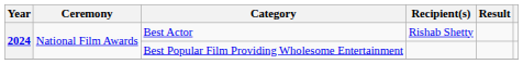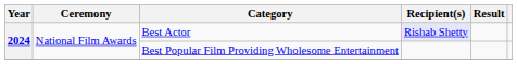 <table class="wikitable">
 <tr>
 <th>Year</th>
 <th>Ceremony</th>
 <th>Category</th>
 <th>Recipient(s)</th>
 <th>Result</th>
 <th></th>
 </tr>
 <tr>
 <th rowspan="2"><a href='#'>2024</a></th>
 <td rowspan="2"><a href='#'>National Film Awards</a></td>
 <td><a href='#'>Best Actor</a></td>
-<td><a href='#'>Rishab Shetty</a></td>
+<td style="background: lavender;"><a href='#'>Rishab Shetty</a></td>
 <td></td>
 <td></td>
 </tr>
 <tr>
 <td><a href='#'>Best Popular Film Providing Wholesome Entertainment</a></td>
 <td></td>
 <td></td>
 <td></td>
 </tr>
 <tr>
 </tr>
 </table>
